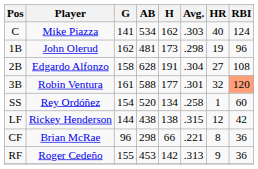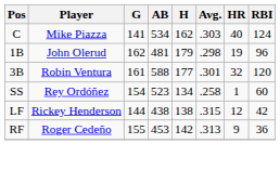 <table class="wikitable sortable">
 <tr>
 <th>Pos</th>
 <th>Player</th>
 <th>G</th>
 <th>AB</th>
 <th>H</th>
 <th>Avg.</th>
 <th>HR</th>
 <th>RBI</th>
 </tr>
 <tr style="text-align: center">
 <td>C</td>
 <td><a href='#'>Mike Piazza</a></td>
 <td>141</td>
 <td>534</td>
 <td>162</td>
 <td>.303</td>
 <td>40</td>
 <td>124</td>
 </tr>
 <tr style="text-align: center">
 <td>1B</td>
 <td><a href='#'>John Olerud</a></td>
 <td>162</td>
 <td>481</td>
-<td>173</td>
+<td>179</td>
 <td>.298</td>
 <td>19</td>
 <td>96</td>
-</tr>
-<tr style="text-align: center">
-<td>2B</td>
-<td><a href='#'>Edgardo Alfonzo</a></td>
-<td>158</td>
-<td>628</td>
-<td>191</td>
-<td>.304</td>
-<td>27</td>
-<td>108</td>
 </tr>
 <tr style="text-align: center">
 <td>3B</td>
 <td><a href='#'>Robin Ventura</a></td>
 <td>161</td>
 <td>588</td>
 <td>177</td>
 <td>.301</td>
 <td>32</td>
-<td style="background: lightsalmon;">120</td>
+<td>120</td>
 </tr>
 <tr style="text-align: center">
 <td>SS</td>
 <td><a href='#'>Rey Ordóñez</a></td>
 <td>154</td>
-<td>520</td>
+<td>523</td>
 <td>134</td>
 <td>.258</td>
 <td>1</td>
 <td>60</td>
 </tr>
 <tr style="text-align: center">
 <td>LF</td>
 <td><a href='#'>Rickey Henderson</a></td>
 <td>144</td>
 <td>438</td>
 <td>138</td>
 <td>.315</td>
 <td>12</td>
 <td>42</td>
 </tr>
 <tr style="text-align: center">
-<td>CF</td>
-<td><a href='#'>Brian McRae</a></td>
-<td>96</td>
-<td>298</td>
-<td>66</td>
-<td>.221</td>
-<td>8</td>
-<td>36</td>
-</tr>
-<tr style="text-align: center">
 <td>RF</td>
 <td><a href='#'>Roger Cedeño</a></td>
 <td>155</td>
 <td>453</td>
 <td>142</td>
 <td>.313</td>
 <td>9</td>
 <td>36</td>
 </tr>
 <tr>
 </tr>
 </table>
